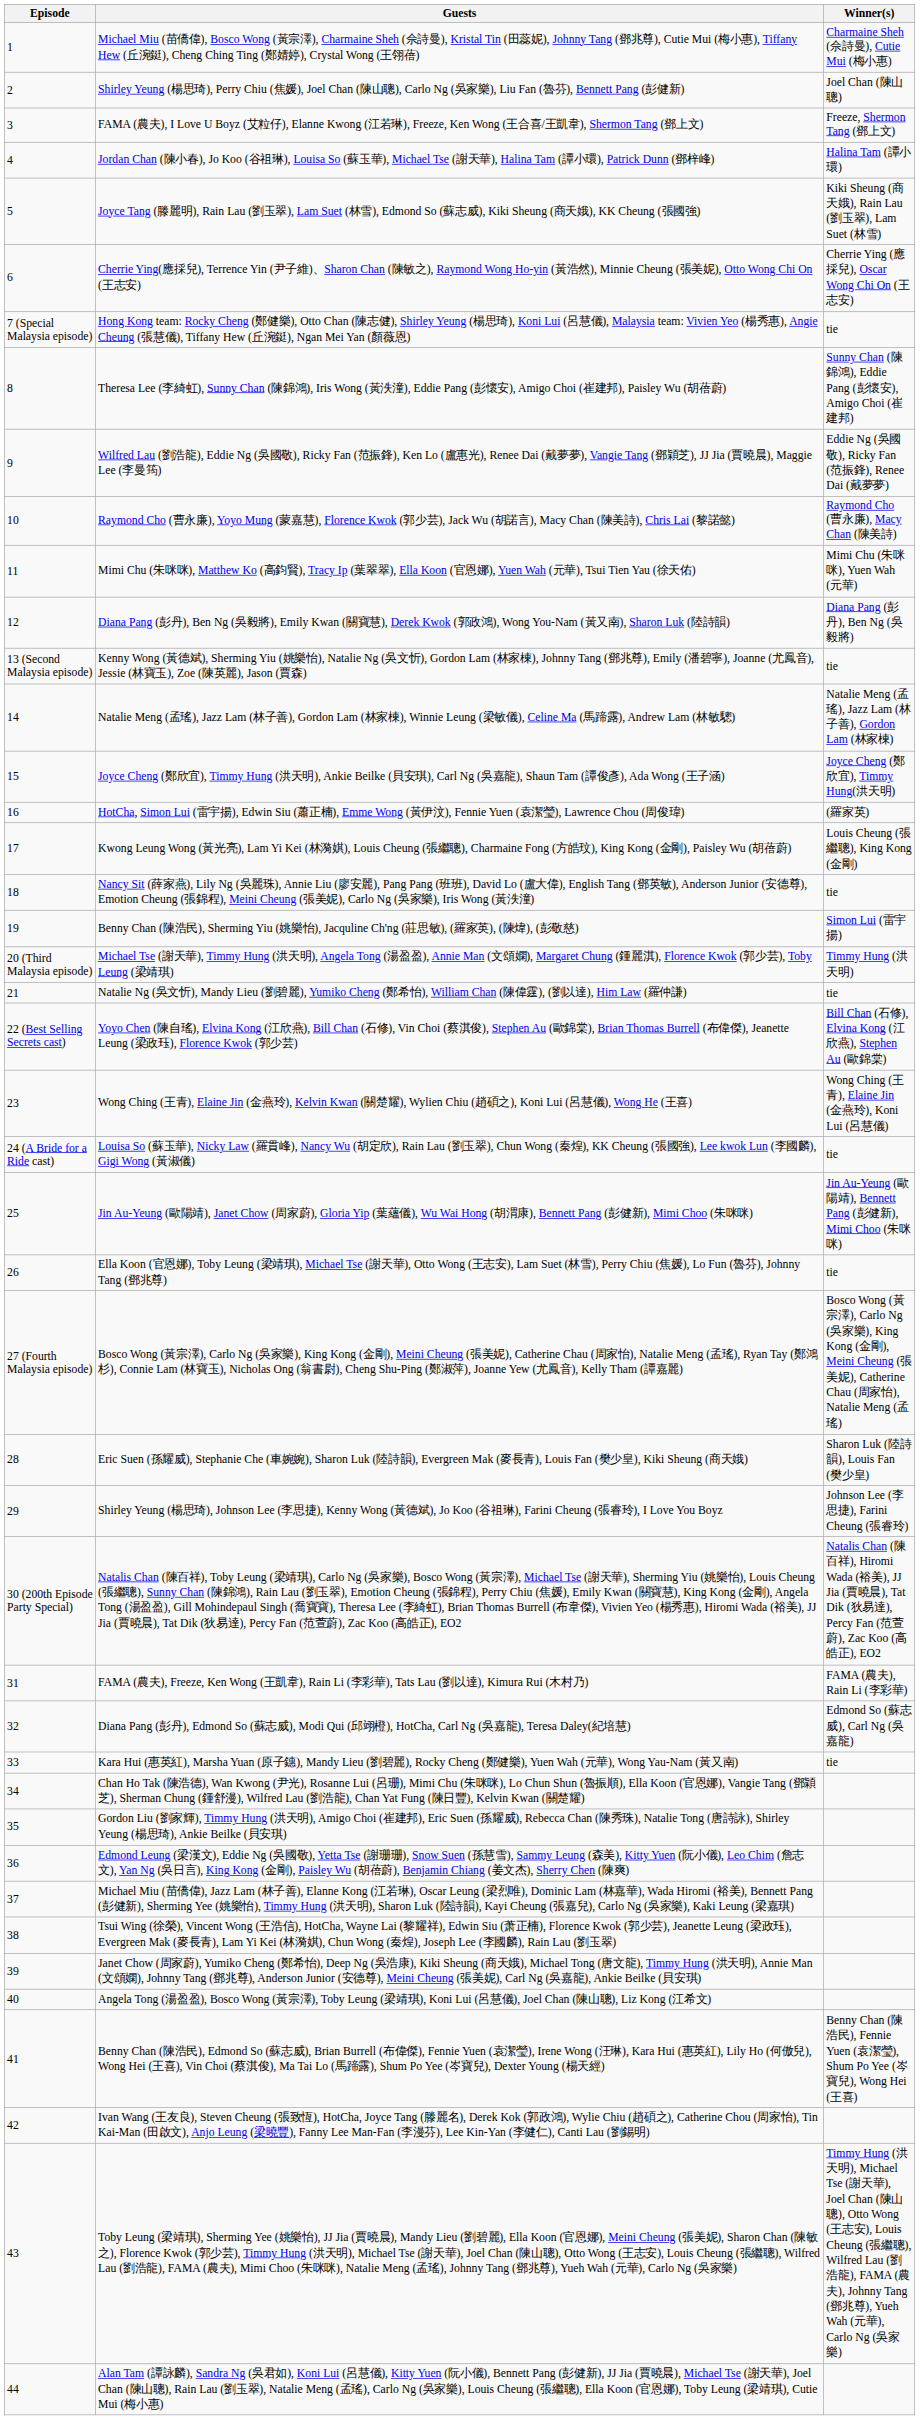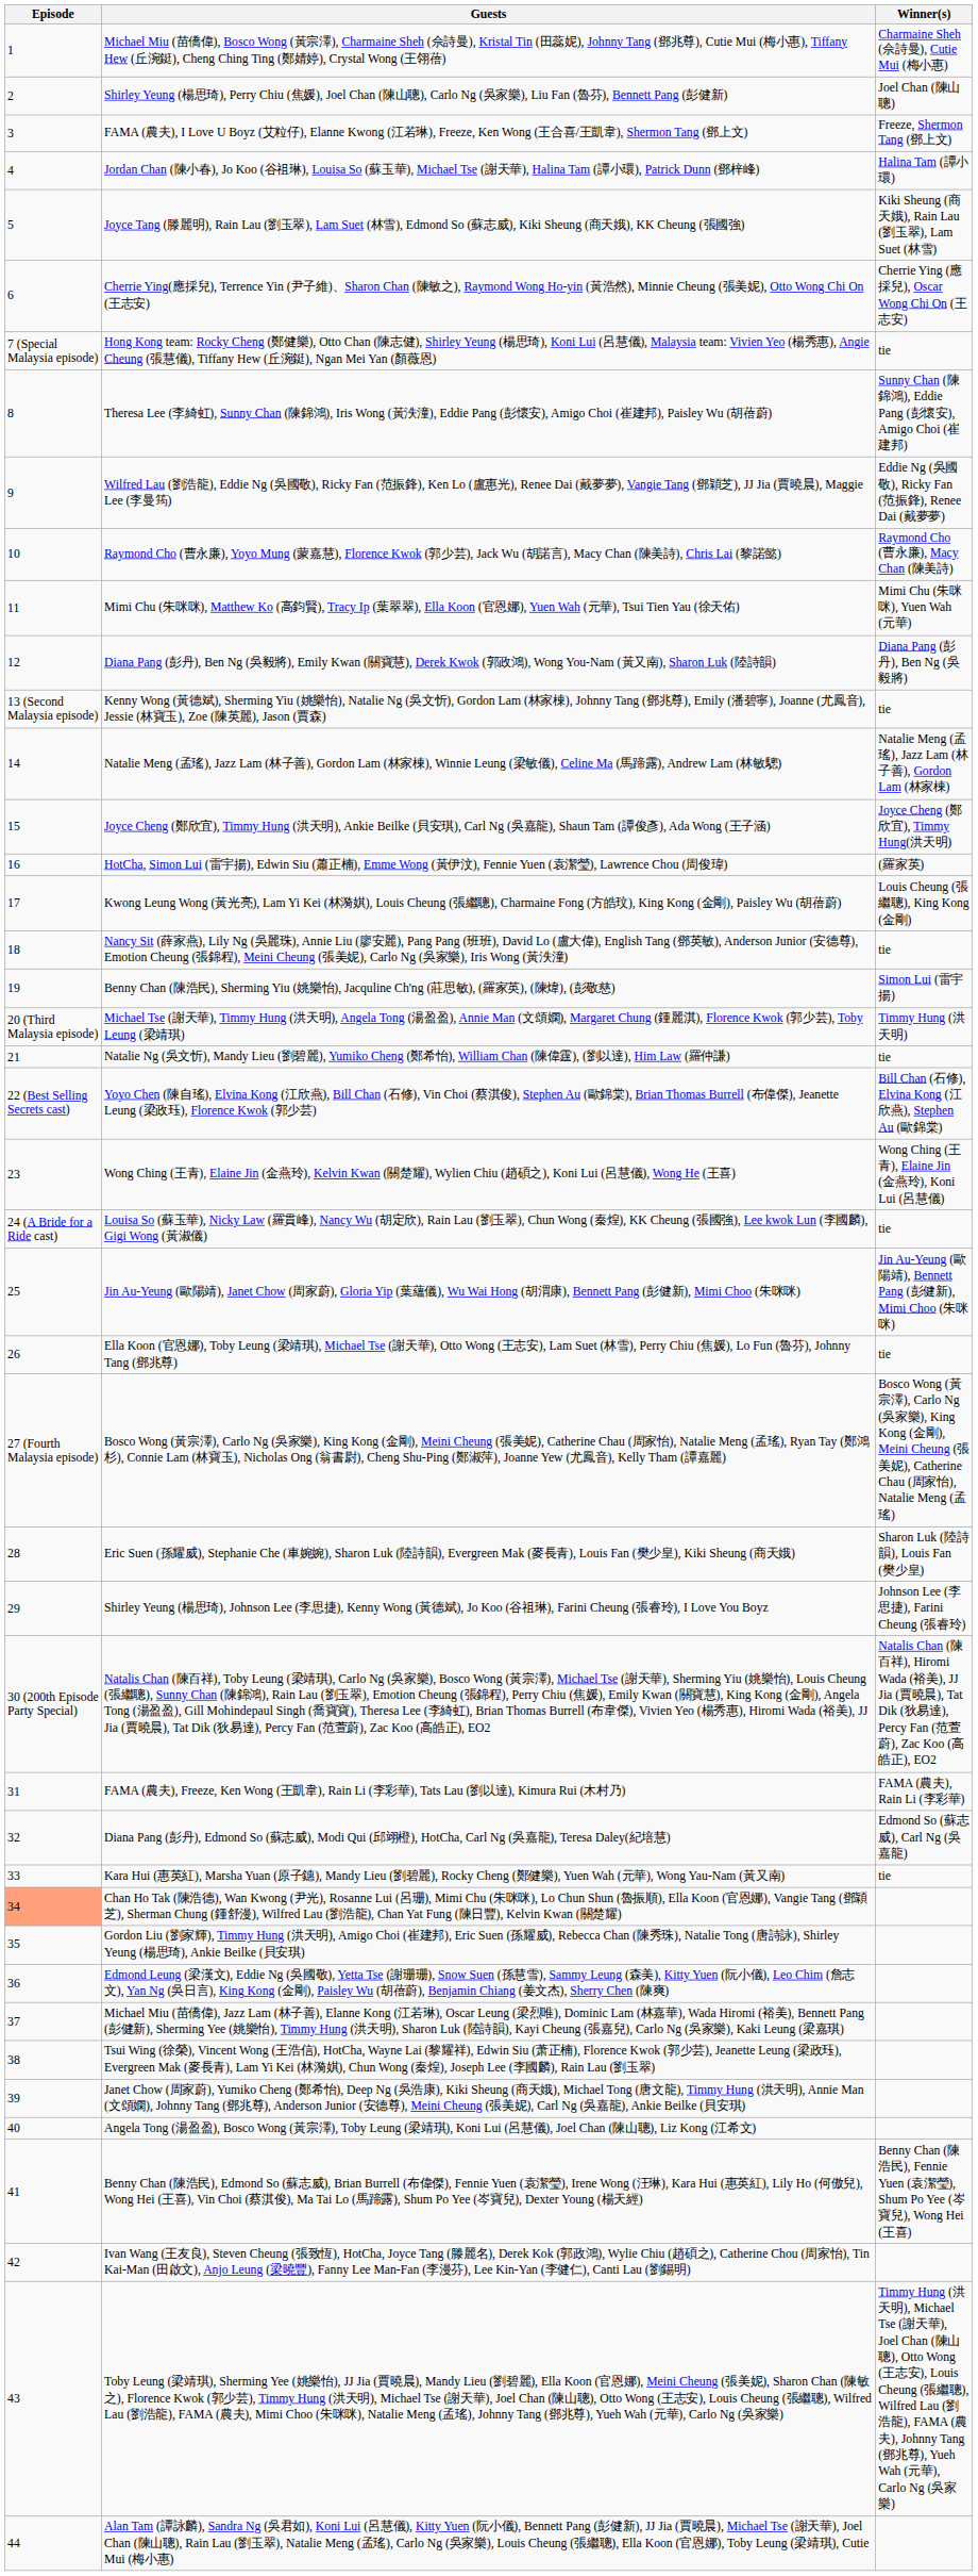 <table class="wikitable">
 <tr>
 <th style="width:10%;">Episode</th>
 <th style="width:80%;">Guests</th>
 <th style="width:10%;">Winner(s)</th>
 </tr>
 <tr>
 <td>1</td>
 <td><a href='#'>Michael Miu</a> (苗僑偉), <a href='#'>Bosco Wong</a> (黃宗澤), <a href='#'>Charmaine Sheh</a> (佘詩曼), <a href='#'>Kristal Tin</a> (田蕊妮), <a href='#'>Johnny Tang</a> (鄧兆尊), Cutie Mui (梅小惠), <a href='#'>Tiffany Hew</a> (丘涴鋌), Cheng Ching Ting (鄭婧婷), Crystal Wong (王翎蓓)</td>
 <td><a href='#'>Charmaine Sheh</a> (佘詩曼), <a href='#'>Cutie Mui</a> (梅小惠)</td>
 </tr>
 <tr>
 <td>2</td>
 <td><a href='#'>Shirley Yeung</a> (楊思琦), Perry Chiu (焦媛), Joel Chan (陳山聰), Carlo Ng (吳家樂), Liu Fan (魯芬), <a href='#'>Bennett Pang</a> (彭健新)</td>
 <td>Joel Chan (陳山聰)</td>
 </tr>
 <tr>
 <td>3</td>
 <td>FAMA (農夫), I Love U Boyz (艾粒仔), Elanne Kwong (江若琳), Freeze, Ken Wong (王合喜/王凱韋), <a href='#'>Shermon Tang</a> (鄧上文)</td>
 <td>Freeze, <a href='#'>Shermon Tang</a> (鄧上文)</td>
 </tr>
 <tr>
 <td>4</td>
 <td><a href='#'>Jordan Chan</a> (陳小春), Jo Koo (谷祖琳), <a href='#'>Louisa So</a> (蘇玉華), <a href='#'>Michael Tse</a> (謝天華), <a href='#'>Halina Tam</a> (譚小環), <a href='#'>Patrick Dunn</a> (鄧梓峰)</td>
 <td><a href='#'>Halina Tam</a> (譚小環)</td>
 </tr>
 <tr>
 <td>5</td>
 <td><a href='#'>Joyce Tang</a> (滕麗明), Rain Lau (劉玉翠), <a href='#'>Lam Suet</a> (林雪), Edmond So (蘇志威), Kiki Sheung (商天娥), KK Cheung (張國強)</td>
 <td>Kiki Sheung (商天娥), Rain Lau (劉玉翠), Lam Suet (林雪)</td>
 </tr>
 <tr>
 <td>6</td>
 <td><a href='#'>Cherrie Ying</a>(應採兒), Terrence Yin (尹子維)、<a href='#'>Sharon Chan</a> (陳敏之), <a href='#'>Raymond Wong Ho-yin</a> (黃浩然), Minnie Cheung (張美妮), <a href='#'>Otto Wong Chi On</a> (王志安)</td>
 <td>Cherrie Ying (應採兒), <a href='#'>Oscar Wong Chi On</a> (王志安)</td>
 </tr>
 <tr>
 <td>7 (Special Malaysia episode)</td>
 <td><a href='#'>Hong Kong</a> team: <a href='#'>Rocky Cheng</a> (鄭健樂), Otto Chan (陳志健), <a href='#'>Shirley Yeung</a> (楊思琦), <a href='#'>Koni Lui</a> (呂慧儀), <a href='#'>Malaysia</a> team: <a href='#'>Vivien Yeo</a> (楊秀惠), <a href='#'>Angie Cheung</a> (張慧儀), Tiffany Hew (丘涴鋌), Ngan Mei Yan (顏薇恩)</td>
 <td>tie</td>
 </tr>
 <tr>
 <td>8</td>
 <td>Theresa Lee (李綺虹), <a href='#'>Sunny Chan</a> (陳錦鴻), Iris Wong (黃泆潼), Eddie Pang (彭懷安), Amigo Choi (崔建邦), Paisley Wu (胡蓓蔚)</td>
 <td><a href='#'>Sunny Chan</a> (陳錦鴻), Eddie Pang (彭懷安), Amigo Choi (崔建邦)</td>
 </tr>
 <tr>
 <td>9</td>
 <td><a href='#'>Wilfred Lau</a> (劉浩龍), Eddie Ng (吳國敬), Ricky Fan (范振鋒), Ken Lo (盧惠光), Renee Dai (戴夢夢), <a href='#'>Vangie Tang</a> (鄧穎芝), JJ Jia (賈曉晨), Maggie Lee (李曼筠)</td>
 <td>Eddie Ng (吳國敬), Ricky Fan (范振鋒), Renee Dai (戴夢夢)</td>
 </tr>
 <tr>
 <td>10</td>
 <td><a href='#'>Raymond Cho</a> (曹永廉), <a href='#'>Yoyo Mung</a> (蒙嘉慧), <a href='#'>Florence Kwok</a> (郭少芸), Jack Wu (胡諾言), Macy Chan (陳美詩), <a href='#'>Chris Lai</a> (黎諾懿)</td>
 <td><a href='#'>Raymond Cho</a> (曹永廉), <a href='#'>Macy Chan</a> (陳美詩)</td>
 </tr>
 <tr>
 <td>11</td>
 <td>Mimi Chu (朱咪咪), <a href='#'>Matthew Ko</a> (高鈞賢), <a href='#'>Tracy Ip</a> (葉翠翠), <a href='#'>Ella Koon</a> (官恩娜), <a href='#'>Yuen Wah</a> (元華), Tsui Tien Yau (徐天佑)</td>
 <td>Mimi Chu (朱咪咪), Yuen Wah (元華)</td>
 </tr>
 <tr>
 <td>12</td>
 <td><a href='#'>Diana Pang</a> (彭丹), Ben Ng (吳毅將), Emily Kwan (關寶慧), <a href='#'>Derek Kwok</a> (郭政鴻), Wong You-Nam (黃又南), <a href='#'>Sharon Luk</a> (陸詩韻)</td>
 <td><a href='#'>Diana Pang</a> (彭丹), Ben Ng (吳毅將)</td>
 </tr>
 <tr>
 <td>13 (Second Malaysia episode)</td>
 <td>Kenny Wong (黃德斌), Sherming Yiu (姚樂怡), Natalie Ng (吳文忻), Gordon Lam (林家棟), Johnny Tang (鄧兆尊), Emily (潘碧寧), Joanne (尤鳳音), Jessie (林寶玉), Zoe (陳英麗), Jason (賈森)</td>
 <td>tie</td>
 </tr>
 <tr>
 <td>14</td>
 <td>Natalie Meng (孟瑤), Jazz Lam (林子善), Gordon Lam (林家棟), Winnie Leung (梁敏儀), <a href='#'>Celine Ma</a> (馬蹄露), Andrew Lam (林敏驄)</td>
 <td>Natalie Meng (孟瑤), Jazz Lam (林子善), <a href='#'>Gordon Lam</a> (林家棟)</td>
 </tr>
 <tr>
 <td>15</td>
 <td><a href='#'>Joyce Cheng</a> (鄭欣宜), <a href='#'>Timmy Hung</a> (洪天明), Ankie Beilke (貝安琪), Carl Ng (吳嘉龍), Shaun Tam (譚俊彥), Ada Wong (王子涵)</td>
 <td><a href='#'>Joyce Cheng</a> (鄭欣宜), <a href='#'>Timmy Hung</a>(洪天明)</td>
 </tr>
 <tr>
 <td>16</td>
 <td><a href='#'>HotCha</a>, <a href='#'>Simon Lui</a> (雷宇揚), Edwin Siu (蕭正楠), <a href='#'>Emme Wong</a> (黃伊汶), Fennie Yuen (袁潔瑩), Lawrence Chou (周俊瑋)</td>
 <td>(羅家英)</td>
 </tr>
 <tr>
 <td>17</td>
 <td>Kwong Leung Wong (黃光亮), Lam Yi Kei (林漪娸), Louis Cheung (張繼聰), Charmaine Fong (方皓玟), King Kong (金剛), Paisley Wu (胡蓓蔚)</td>
 <td>Louis Cheung (張繼聰), King Kong (金剛)</td>
 </tr>
 <tr>
 <td>18</td>
 <td><a href='#'>Nancy Sit</a> (薛家燕), Lily Ng (吳麗珠), Annie Liu (廖安麗), Pang Pang (班班), David Lo (盧大偉), English Tang (鄧英敏), Anderson Junior (安德尊), Emotion Cheung (張錦程), <a href='#'>Meini Cheung</a> (張美妮), Carlo Ng (吳家樂), Iris Wong (黃泆潼)</td>
 <td>tie</td>
 </tr>
 <tr>
 <td>19</td>
 <td>Benny Chan (陳浩民), Sherming Yiu (姚樂怡), Jacquline Ch'ng (莊思敏), (羅家英), (陳煒), (彭敬慈)</td>
 <td><a href='#'>Simon Lui</a> (雷宇揚)</td>
 </tr>
 <tr>
 <td>20 (Third Malaysia episode)</td>
 <td><a href='#'>Michael Tse</a> (謝天華), <a href='#'>Timmy Hung</a> (洪天明), <a href='#'>Angela Tong</a> (湯盈盈), <a href='#'>Annie Man</a> (文頌嫻), <a href='#'>Margaret Chung</a> (鍾麗淇), <a href='#'>Florence Kwok</a> (郭少芸), <a href='#'>Toby Leung</a> (梁靖琪)</td>
 <td><a href='#'>Timmy Hung</a> (洪天明)</td>
 </tr>
 <tr>
 <td>21</td>
 <td>Natalie Ng (吳文忻), Mandy Lieu (劉碧麗), <a href='#'>Yumiko Cheng</a> (鄭希怡), <a href='#'>William Chan</a> (陳偉霆), (劉以達), <a href='#'>Him Law</a> (羅仲謙)</td>
 <td>tie</td>
 </tr>
 <tr>
 <td>22 (<a href='#'>Best Selling Secrets cast</a>)</td>
 <td><a href='#'>Yoyo Chen</a> (陳自瑤), <a href='#'>Elvina Kong</a> (江欣燕), <a href='#'>Bill Chan</a> (石修), Vin Choi (蔡淇俊), <a href='#'>Stephen Au</a> (歐錦棠), <a href='#'>Brian Thomas Burrell</a> (布偉傑), Jeanette Leung (梁政珏), <a href='#'>Florence Kwok</a> (郭少芸)</td>
 <td><a href='#'>Bill Chan</a> (石修), <a href='#'>Elvina Kong</a> (江欣燕), <a href='#'>Stephen Au</a> (歐錦棠)</td>
 </tr>
 <tr>
 <td>23</td>
 <td>Wong Ching (王青), <a href='#'>Elaine Jin</a> (金燕玲), <a href='#'>Kelvin Kwan</a> (關楚耀), Wylien Chiu (趙碩之), Koni Lui (呂慧儀), <a href='#'>Wong He</a> (王喜)</td>
 <td>Wong Ching (王青), <a href='#'>Elaine Jin</a> (金燕玲), Koni Lui (呂慧儀)</td>
 </tr>
 <tr>
 <td>24 (<a href='#'>A Bride for a Ride</a> cast)</td>
 <td><a href='#'>Louisa So</a> (蘇玉華), <a href='#'>Nicky Law</a> (羅貫峰), <a href='#'>Nancy Wu</a> (胡定欣), Rain Lau (劉玉翠), Chun Wong (秦煌), KK Cheung (張國強), <a href='#'>Lee kwok Lun</a> (李國麟), <a href='#'>Gigi Wong</a> (黃淑儀)</td>
 <td>tie</td>
 </tr>
 <tr>
 <td>25</td>
 <td><a href='#'>Jin Au-Yeung</a> (歐陽靖), <a href='#'>Janet Chow</a> (周家蔚), <a href='#'>Gloria Yip</a> (葉蘊儀), <a href='#'>Wu Wai Hong</a> (胡渭康), <a href='#'>Bennett Pang</a> (彭健新), <a href='#'>Mimi Choo</a> (朱咪咪)</td>
 <td><a href='#'>Jin Au-Yeung</a> (歐陽靖), <a href='#'>Bennett Pang</a> (彭健新), <a href='#'>Mimi Choo</a> (朱咪咪)</td>
 </tr>
 <tr>
 <td>26</td>
 <td>Ella Koon (官恩娜), Toby Leung (梁靖琪), <a href='#'>Michael Tse</a> (謝天華), Otto Wong (王志安), Lam Suet (林雪), Perry Chiu (焦媛), Lo Fun (魯芬), Johnny Tang (鄧兆尊)</td>
 <td>tie</td>
 </tr>
 <tr>
 <td>27 (Fourth Malaysia episode)</td>
 <td>Bosco Wong (黃宗澤), Carlo Ng (吳家樂), King Kong (金剛), <a href='#'>Meini Cheung</a> (張美妮), Catherine Chau (周家怡), Natalie Meng (孟瑤), Ryan Tay (鄭鴻杉), Connie Lam (林寶玉), Nicholas Ong (翁書尉), Cheng Shu-Ping (鄭淑萍), Joanne Yew (尤鳳音), Kelly Tham (譚嘉麗)</td>
 <td>Bosco Wong (黃宗澤), Carlo Ng (吳家樂), King Kong (金剛), <a href='#'>Meini Cheung</a> (張美妮), Catherine Chau (周家怡), Natalie Meng (孟瑤)</td>
 </tr>
 <tr>
 <td>28</td>
 <td>Eric Suen (孫耀威), Stephanie Che (車婉婉), Sharon Luk (陸詩韻), Evergreen Mak (麥長青), Louis Fan (樊少皇), Kiki Sheung (商天娥)</td>
 <td>Sharon Luk (陸詩韻), Louis Fan (樊少皇)</td>
 </tr>
 <tr>
 <td>29</td>
 <td>Shirley Yeung (楊思琦), Johnson Lee (李思捷), Kenny Wong (黃德斌), Jo Koo (谷祖琳), Farini Cheung (張睿玲), I Love You Boyz</td>
 <td>Johnson Lee (李思捷), Farini Cheung (張睿玲)</td>
 </tr>
 <tr>
 <td>30 (200th Episode Party Special)</td>
 <td><a href='#'>Natalis Chan</a> (陳百祥), Toby Leung (梁靖琪), Carlo Ng (吳家樂), Bosco Wong (黃宗澤), <a href='#'>Michael Tse</a> (謝天華), Sherming Yiu (姚樂怡), Louis Cheung (張繼聰), <a href='#'>Sunny Chan</a> (陳錦鴻), Rain Lau (劉玉翠), Emotion Cheung (張錦程), Perry Chiu (焦媛), Emily Kwan (關寶慧), King Kong (金剛), Angela Tong (湯盈盈), Gill Mohindepaul Singh (喬寶寶), Theresa Lee (李綺虹), Brian Thomas Burrell (布韋傑), Vivien Yeo (楊秀惠), Hiromi Wada (裕美), JJ Jia (賈曉晨), Tat Dik (狄易達), Percy Fan (范萱蔚), Zac Koo (高皓正), EO2</td>
 <td><a href='#'>Natalis Chan</a> (陳百祥), Hiromi Wada (裕美), JJ Jia (賈曉晨), Tat Dik (狄易達), Percy Fan (范萱蔚), Zac Koo (高皓正), EO2</td>
 </tr>
 <tr>
 <td>31</td>
 <td>FAMA (農夫), Freeze, Ken Wong (王凱韋), Rain Li (李彩華), Tats Lau (劉以達), Kimura Rui (木村乃)</td>
 <td>FAMA (農夫), Rain Li (李彩華)</td>
 </tr>
 <tr>
 <td>32</td>
 <td>Diana Pang (彭丹), Edmond So (蘇志威), Modi Qui (邱翊橙), HotCha, Carl Ng (吳嘉龍),  Teresa Daley(紀培慧)</td>
 <td>Edmond So (蘇志威), Carl Ng (吳嘉龍)</td>
 </tr>
 <tr>
 <td>33</td>
 <td>Kara Hui (惠英紅), Marsha Yuan (原子鏸), Mandy Lieu (劉碧麗), Rocky Cheng (鄭健樂), Yuen Wah (元華), Wong Yau-Nam (黃又南)</td>
 <td>tie</td>
 </tr>
 <tr>
-<td>34</td>
+<td style="background: lightsalmon;">34</td>
 <td>Chan Ho Tak (陳浩德), Wan Kwong (尹光), Rosanne Lui (呂珊), Mimi Chu (朱咪咪), Lo Chun Shun (魯振順), Ella Koon (官恩娜), Vangie Tang (鄧穎芝), Sherman Chung (鍾舒漫), Wilfred Lau (劉浩龍), Chan Yat Fung (陳日豐), Kelvin Kwan (關楚耀)</td>
 <td></td>
 </tr>
 <tr>
 <td>35</td>
 <td>Gordon Liu (劉家輝), <a href='#'>Timmy Hung</a> (洪天明), Amigo Choi (崔建邦), Eric Suen (孫耀威), Rebecca Chan (陳秀珠), Natalie Tong (唐詩詠), Shirley Yeung (楊思琦), Ankie Beilke (貝安琪)</td>
 <td></td>
 </tr>
 <tr>
 <td>36</td>
 <td><a href='#'>Edmond Leung</a> (梁漢文), Eddie Ng (吳國敬), <a href='#'>Yetta Tse</a> (謝珊珊), <a href='#'>Snow Suen</a> (孫慧雪), <a href='#'>Sammy Leung</a> (森美), <a href='#'>Kitty Yuen</a> (阮小儀), <a href='#'>Leo Chim</a> (詹志文), <a href='#'>Yan Ng</a> (吳日言), <a href='#'>King Kong</a> (金剛), <a href='#'>Paisley Wu</a> (胡蓓蔚), <a href='#'>Benjamin Chiang</a> (姜文杰), <a href='#'>Sherry Chen</a> (陳爽)</td>
 <td></td>
 </tr>
 <tr>
 <td>37</td>
 <td>Michael Miu (苗僑偉), Jazz Lam (林子善), Elanne Kong (江若琳), Oscar Leung (梁烈唯), Dominic Lam (林嘉華), Wada Hiromi (裕美), Bennett Pang (彭健新), Sherming Yee (姚樂怡), <a href='#'>Timmy Hung</a> (洪天明), Sharon Luk (陸詩韻), Kayi Cheung (張嘉兒), Carlo Ng (吳家樂), Kaki Leung (梁嘉琪)</td>
 <td></td>
 </tr>
 <tr>
 <td>38</td>
 <td>Tsui Wing (徐榮), Vincent Wong (王浩信), HotCha, Wayne Lai (黎耀祥), Edwin Siu (萧正楠), Florence Kwok (郭少芸), Jeanette Leung (梁政珏), Evergreen Mak (麥長青), Lam Yi Kei (林漪娸), Chun Wong (秦煌), Joseph Lee (李國麟), Rain Lau (劉玉翠)</td>
 <td></td>
 </tr>
 <tr>
 <td>39</td>
 <td>Janet Chow (周家蔚), Yumiko Cheng (鄭希怡), Deep Ng (吳浩康), Kiki Sheung (商天娥), Michael Tong (唐文龍), <a href='#'>Timmy Hung</a> (洪天明), Annie Man (文頌嫻), Johnny Tang (鄧兆尊), Anderson Junior (安德尊), <a href='#'>Meini Cheung</a> (張美妮), Carl Ng (吳嘉龍), Ankie Beilke (貝安琪)</td>
 <td></td>
 </tr>
 <tr>
 <td>40</td>
 <td>Angela Tong (湯盈盈), Bosco Wong (黃宗澤), Toby Leung (梁靖琪), Koni Lui (呂慧儀), Joel Chan (陳山聰), Liz Kong (江希文)</td>
 <td></td>
 </tr>
 <tr>
 <td>41</td>
 <td>Benny Chan (陳浩民), Edmond So (蘇志威), Brian Burrell (布偉傑), Fennie Yuen (袁潔瑩), Irene Wong (汪琳), Kara Hui (惠英紅), Lily Ho (何傲兒), Wong Hei (王喜), Vin Choi (蔡淇俊), Ma Tai Lo (馬蹄露), Shum Po Yee (岑寶兒), Dexter Young (楊天經)</td>
 <td>Benny Chan (陳浩民), Fennie Yuen (袁潔瑩), Shum Po Yee (岑寶兒), Wong Hei (王喜)</td>
 </tr>
 <tr>
 <td>42</td>
 <td>Ivan Wang (王友良), Steven Cheung (張致恆), HotCha, Joyce Tang (滕麗名), Derek Kok (郭政鴻), Wylie Chiu (趙碩之), Catherine Chou (周家怡), Tin Kai-Man (田啟文), <a href='#'>Anjo Leung</a> (<a href='#'>梁曉豐</a>), Fanny Lee Man-Fan (李漫芬), Lee Kin-Yan (李健仁), Canti Lau (劉錫明)</td>
 <td></td>
 </tr>
 <tr>
 <td>43</td>
 <td>Toby Leung (梁靖琪), Sherming Yee (姚樂怡), JJ Jia (賈曉晨), Mandy Lieu (劉碧麗), Ella Koon (官恩娜), <a href='#'>Meini Cheung</a> (張美妮), Sharon Chan (陳敏之), Florence Kwok (郭少芸), <a href='#'>Timmy Hung</a> (洪天明), Michael Tse (謝天華), Joel Chan (陳山聰), Otto Wong (王志安), Louis Cheung (張繼聰), Wilfred Lau (劉浩龍), FAMA (農夫), Mimi Choo (朱咪咪), Natalie Meng (孟瑤), Johnny Tang (鄧兆尊), Yueh Wah (元華), Carlo Ng (吳家樂)</td>
 <td><a href='#'>Timmy Hung</a> (洪天明), Michael Tse (謝天華), Joel Chan (陳山聰), Otto Wong (王志安), Louis Cheung (張繼聰), Wilfred Lau (劉浩龍), FAMA (農夫), Johnny Tang (鄧兆尊), Yueh Wah (元華), Carlo Ng (吳家樂)</td>
 </tr>
 <tr>
 <td>44</td>
 <td><a href='#'>Alan Tam</a> (譚詠麟), <a href='#'>Sandra Ng</a> (吳君如), <a href='#'>Koni Lui</a> (呂慧儀), <a href='#'>Kitty Yuen</a> (阮小儀), Bennett Pang (彭健新), JJ Jia (賈曉晨), <a href='#'>Michael Tse</a> (謝天華), Joel Chan (陳山聰), Rain Lau (劉玉翠), Natalie Meng (孟瑤), Carlo Ng (吳家樂), Louis Cheung (張繼聰), Ella Koon (官恩娜), Toby Leung (梁靖琪), Cutie Mui (梅小惠)</td>
 <td></td>
 </tr>
 </table>
